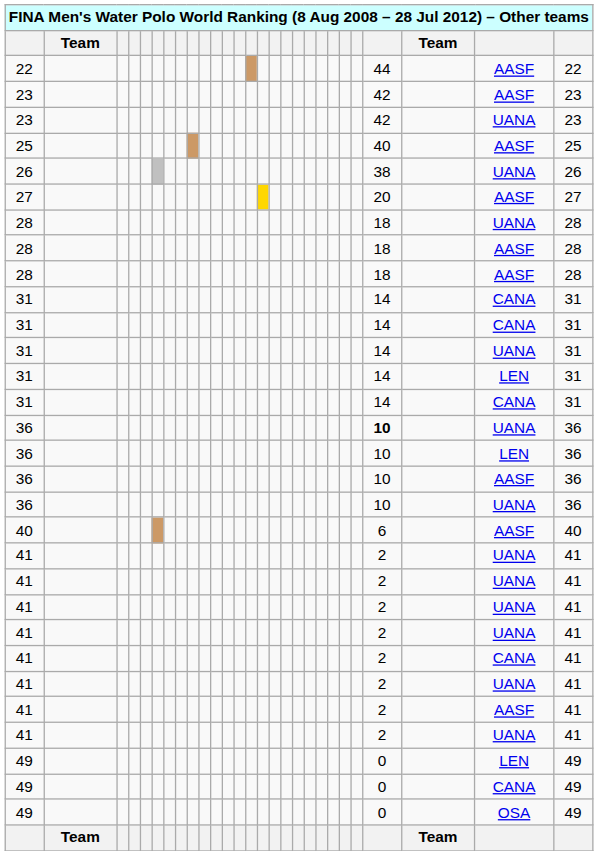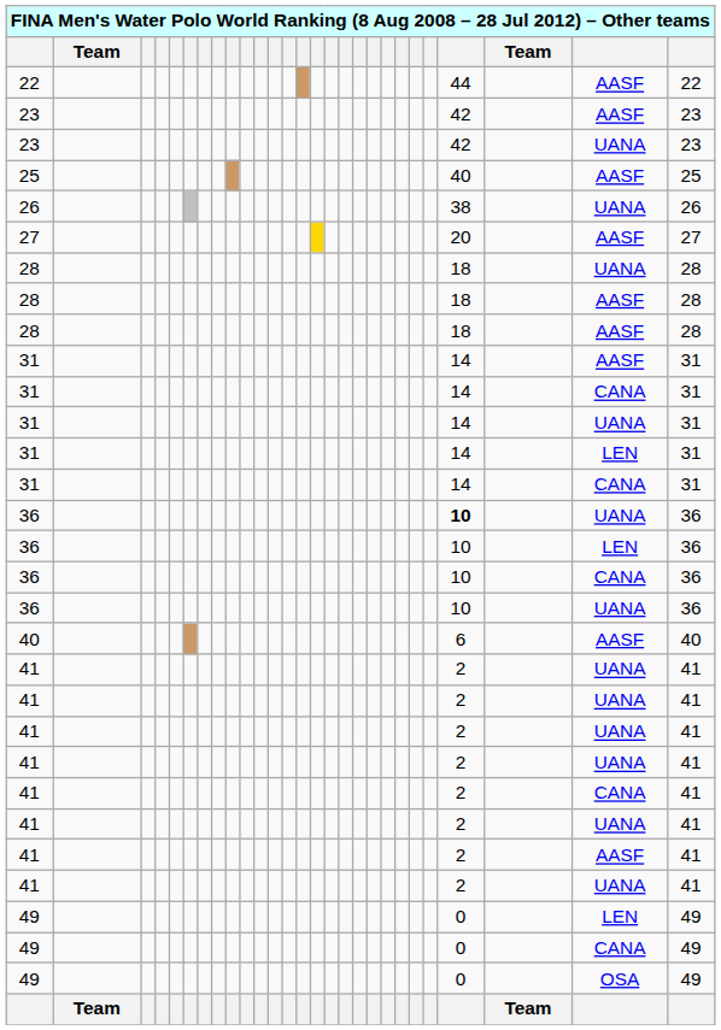 <table class="wikitable mw-collapsible autocollapse" style="text-align: center; font-size: 74%; margin-left: 1em;">
 <tr>
 <th colspan="27" style="background-color: #ccffff;">FINA Men's Water Polo World Ranking (8 Aug 2008 – 28 Jul 2012) – Other teams</th>
 </tr>
 <tr>
 <th></th>
 <th>Team</th>
 <th><a href='#'></a></th>
 <th><a href='#'></a></th>
 <th><a href='#'></a></th>
 <th><a href='#'></a></th>
 <th><a href='#'></a></th>
 <th><a href='#'></a></th>
 <th><a href='#'></a></th>
 <th><a href='#'></a></th>
 <th><a href='#'></a></th>
 <th><a href='#'></a></th>
 <th><a href='#'></a></th>
 <th><a href='#'></a></th>
 <th><a href='#'></a></th>
 <th><a href='#'></a></th>
 <th><a href='#'></a></th>
 <th><a href='#'></a></th>
 <th><a href='#'></a></th>
 <th><a href='#'></a></th>
 <th><a href='#'></a></th>
 <th><a href='#'></a></th>
 <th><a href='#'></a></th>
 <th></th>
 <th>Team</th>
 <th></th>
 <th></th>
 </tr>
 <tr>
 <td>22</td>
 <td style="text-align: left;"></td>
 <td></td>
 <td></td>
 <td></td>
 <td></td>
 <td></td>
 <td></td>
 <td></td>
 <td></td>
 <td></td>
 <td></td>
 <td></td>
 <td style="background-color: #cc9966;"></td>
 <td></td>
 <td></td>
 <td></td>
 <td></td>
 <td></td>
 <td></td>
 <td></td>
 <td></td>
 <td></td>
 <td>44</td>
 <td style="text-align: left;"></td>
 <td><a href='#'>AASF</a></td>
 <td>22</td>
 </tr>
 <tr>
 <td>23</td>
 <td style="text-align: left;"></td>
 <td></td>
 <td></td>
 <td></td>
 <td></td>
 <td></td>
 <td></td>
 <td></td>
 <td></td>
 <td></td>
 <td></td>
 <td></td>
 <td></td>
 <td></td>
 <td></td>
 <td></td>
 <td></td>
 <td></td>
 <td></td>
 <td></td>
 <td></td>
 <td></td>
 <td>42</td>
 <td style="text-align: left;"></td>
 <td><a href='#'>AASF</a></td>
 <td>23</td>
 </tr>
 <tr>
 <td>23</td>
 <td style="text-align: left;"></td>
 <td></td>
 <td></td>
 <td></td>
 <td></td>
 <td></td>
 <td></td>
 <td></td>
 <td></td>
 <td></td>
 <td></td>
 <td></td>
 <td></td>
 <td></td>
 <td></td>
 <td></td>
 <td></td>
 <td></td>
 <td></td>
 <td></td>
 <td></td>
 <td></td>
 <td>42</td>
 <td style="text-align: left;"></td>
 <td><a href='#'>UANA</a></td>
 <td>23</td>
 </tr>
 <tr>
 <td>25</td>
 <td style="text-align: left;"></td>
 <td></td>
 <td></td>
 <td></td>
 <td></td>
 <td></td>
 <td></td>
 <td style="background-color: #cc9966;"></td>
 <td></td>
 <td></td>
 <td></td>
 <td></td>
 <td></td>
 <td></td>
 <td></td>
 <td></td>
 <td></td>
 <td></td>
 <td></td>
 <td></td>
 <td></td>
 <td></td>
 <td>40</td>
 <td style="text-align: left;"></td>
 <td><a href='#'>AASF</a></td>
 <td>25</td>
 </tr>
 <tr>
 <td>26</td>
 <td style="text-align: left;"></td>
 <td></td>
 <td></td>
 <td></td>
 <td style="background-color: silver;"></td>
 <td></td>
 <td></td>
 <td></td>
 <td></td>
 <td></td>
 <td></td>
 <td></td>
 <td></td>
 <td></td>
 <td></td>
 <td></td>
 <td></td>
 <td></td>
 <td></td>
 <td></td>
 <td></td>
 <td></td>
 <td>38</td>
 <td style="text-align: left;"></td>
 <td><a href='#'>UANA</a></td>
 <td>26</td>
 </tr>
 <tr>
 <td>27</td>
 <td style="text-align: left;"></td>
 <td></td>
 <td></td>
 <td></td>
 <td></td>
 <td></td>
 <td></td>
 <td></td>
 <td></td>
 <td></td>
 <td></td>
 <td></td>
 <td></td>
 <td style="background-color: gold;"></td>
 <td></td>
 <td></td>
 <td></td>
 <td></td>
 <td></td>
 <td></td>
 <td></td>
 <td></td>
 <td>20</td>
 <td style="text-align: left;"></td>
 <td><a href='#'>AASF</a></td>
 <td>27</td>
 </tr>
 <tr>
 <td>28</td>
 <td style="text-align: left;"></td>
 <td></td>
 <td></td>
 <td></td>
 <td></td>
 <td></td>
 <td></td>
 <td></td>
 <td></td>
 <td></td>
 <td></td>
 <td></td>
 <td></td>
 <td></td>
 <td></td>
 <td></td>
 <td></td>
 <td></td>
 <td></td>
 <td></td>
 <td></td>
 <td></td>
 <td>18</td>
 <td style="text-align: left;"></td>
 <td><a href='#'>UANA</a></td>
 <td>28</td>
 </tr>
 <tr>
 <td>28</td>
 <td style="text-align: left;"></td>
 <td></td>
 <td></td>
 <td></td>
 <td></td>
 <td></td>
 <td></td>
 <td></td>
 <td></td>
 <td></td>
 <td></td>
 <td></td>
 <td></td>
 <td></td>
 <td></td>
 <td></td>
 <td></td>
 <td></td>
 <td></td>
 <td></td>
 <td></td>
 <td></td>
 <td>18</td>
 <td style="text-align: left;"></td>
 <td><a href='#'>AASF</a></td>
 <td>28</td>
 </tr>
 <tr>
 <td>28</td>
 <td style="text-align: left;"></td>
 <td></td>
 <td></td>
 <td></td>
 <td></td>
 <td></td>
 <td></td>
 <td></td>
 <td></td>
 <td></td>
 <td></td>
 <td></td>
 <td></td>
 <td></td>
 <td></td>
 <td></td>
 <td></td>
 <td></td>
 <td></td>
 <td></td>
 <td></td>
 <td></td>
 <td>18</td>
 <td style="text-align: left;"></td>
 <td><a href='#'>AASF</a></td>
 <td>28</td>
 </tr>
 <tr>
 <td>31</td>
 <td style="text-align: left;"></td>
 <td></td>
 <td></td>
 <td></td>
 <td></td>
 <td></td>
 <td></td>
 <td></td>
 <td></td>
 <td></td>
 <td></td>
 <td></td>
 <td></td>
 <td></td>
 <td></td>
 <td></td>
 <td></td>
 <td></td>
 <td></td>
 <td></td>
 <td></td>
 <td></td>
 <td>14</td>
 <td style="text-align: left;"></td>
-<td><a href='#'>CANA</a></td>
+<td><a href='#'>AASF</a></td>
 <td>31</td>
 </tr>
 <tr>
 <td>31</td>
 <td style="text-align: left;"></td>
 <td></td>
 <td></td>
 <td></td>
 <td></td>
 <td></td>
 <td></td>
 <td></td>
 <td></td>
 <td></td>
 <td></td>
 <td></td>
 <td></td>
 <td></td>
 <td></td>
 <td></td>
 <td></td>
 <td></td>
 <td></td>
 <td></td>
 <td></td>
 <td></td>
 <td>14</td>
 <td style="text-align: left;"></td>
 <td><a href='#'>CANA</a></td>
 <td>31</td>
 </tr>
 <tr>
 <td>31</td>
 <td style="text-align: left;"></td>
 <td></td>
 <td></td>
 <td></td>
 <td></td>
 <td></td>
 <td></td>
 <td></td>
 <td></td>
 <td></td>
 <td></td>
 <td></td>
 <td></td>
 <td></td>
 <td></td>
 <td></td>
 <td></td>
 <td></td>
 <td></td>
 <td></td>
 <td></td>
 <td></td>
 <td>14</td>
 <td style="text-align: left;"></td>
 <td><a href='#'>UANA</a></td>
 <td>31</td>
 </tr>
 <tr>
 <td>31</td>
 <td style="text-align: left;"></td>
 <td></td>
 <td></td>
 <td></td>
 <td></td>
 <td></td>
 <td></td>
 <td></td>
 <td></td>
 <td></td>
 <td></td>
 <td></td>
 <td></td>
 <td></td>
 <td></td>
 <td></td>
 <td></td>
 <td></td>
 <td></td>
 <td></td>
 <td></td>
 <td></td>
 <td>14</td>
 <td style="text-align: left;"></td>
 <td><a href='#'>LEN</a></td>
 <td>31</td>
 </tr>
 <tr>
 <td>31</td>
 <td style="text-align: left;"></td>
 <td></td>
 <td></td>
 <td></td>
 <td></td>
 <td></td>
 <td></td>
 <td></td>
 <td></td>
 <td></td>
 <td></td>
 <td></td>
 <td></td>
 <td></td>
 <td></td>
 <td></td>
 <td></td>
 <td></td>
 <td></td>
 <td></td>
 <td></td>
 <td></td>
 <td>14</td>
 <td style="text-align: left;"></td>
 <td><a href='#'>CANA</a></td>
 <td>31</td>
 </tr>
 <tr>
 <td>36</td>
 <td style="text-align: left;"></td>
 <td></td>
 <td></td>
 <td></td>
 <td></td>
 <td></td>
 <td></td>
 <td></td>
 <td></td>
 <td></td>
 <td></td>
 <td></td>
 <td></td>
 <td></td>
 <td></td>
 <td></td>
 <td></td>
 <td></td>
 <td></td>
 <td></td>
 <td></td>
 <td></td>
 <td><strong>10</strong></td>
 <td style="text-align: left;"></td>
 <td><a href='#'>UANA</a></td>
 <td>36</td>
 </tr>
 <tr>
 <td>36</td>
 <td style="text-align: left;"></td>
 <td></td>
 <td></td>
 <td></td>
 <td></td>
 <td></td>
 <td></td>
 <td></td>
 <td></td>
 <td></td>
 <td></td>
 <td></td>
 <td></td>
 <td></td>
 <td></td>
 <td></td>
 <td></td>
 <td></td>
 <td></td>
 <td></td>
 <td></td>
 <td></td>
 <td>10</td>
 <td style="text-align: left;"></td>
 <td><a href='#'>LEN</a></td>
 <td>36</td>
 </tr>
 <tr>
 <td>36</td>
 <td style="text-align: left;"></td>
 <td></td>
 <td></td>
 <td></td>
 <td></td>
 <td></td>
 <td></td>
 <td></td>
 <td></td>
 <td></td>
 <td></td>
 <td></td>
 <td></td>
 <td></td>
 <td></td>
 <td></td>
 <td></td>
 <td></td>
 <td></td>
 <td></td>
 <td></td>
 <td></td>
 <td>10</td>
 <td style="text-align: left;"></td>
-<td><a href='#'>AASF</a></td>
+<td><a href='#'>CANA</a></td>
 <td>36</td>
 </tr>
 <tr>
 <td>36</td>
 <td style="text-align: left;"></td>
 <td></td>
 <td></td>
 <td></td>
 <td></td>
 <td></td>
 <td></td>
 <td></td>
 <td></td>
 <td></td>
 <td></td>
 <td></td>
 <td></td>
 <td></td>
 <td></td>
 <td></td>
 <td></td>
 <td></td>
 <td></td>
 <td></td>
 <td></td>
 <td></td>
 <td>10</td>
 <td style="text-align: left;"></td>
 <td><a href='#'>UANA</a></td>
 <td>36</td>
 </tr>
 <tr>
 <td>40</td>
 <td style="text-align: left;"></td>
 <td></td>
 <td></td>
 <td></td>
 <td style="background-color: #cc9966;"></td>
 <td></td>
 <td></td>
 <td></td>
 <td></td>
 <td></td>
 <td></td>
 <td></td>
 <td></td>
 <td></td>
 <td></td>
 <td></td>
 <td></td>
 <td></td>
 <td></td>
 <td></td>
 <td></td>
 <td></td>
 <td>6</td>
 <td style="text-align: left;"></td>
 <td><a href='#'>AASF</a></td>
 <td>40</td>
 </tr>
 <tr>
 <td>41</td>
 <td style="text-align: left;"></td>
 <td></td>
 <td></td>
 <td></td>
 <td></td>
 <td></td>
 <td></td>
 <td></td>
 <td></td>
 <td></td>
 <td></td>
 <td></td>
 <td></td>
 <td></td>
 <td></td>
 <td></td>
 <td></td>
 <td></td>
 <td></td>
 <td></td>
 <td></td>
 <td></td>
 <td>2</td>
 <td style="text-align: left;"></td>
 <td><a href='#'>UANA</a></td>
 <td>41</td>
 </tr>
 <tr>
 <td>41</td>
 <td style="text-align: left;"></td>
 <td></td>
 <td></td>
 <td></td>
 <td></td>
 <td></td>
 <td></td>
 <td></td>
 <td></td>
 <td></td>
 <td></td>
 <td></td>
 <td></td>
 <td></td>
 <td></td>
 <td></td>
 <td></td>
 <td></td>
 <td></td>
 <td></td>
 <td></td>
 <td></td>
 <td>2</td>
 <td style="text-align: left;"></td>
 <td><a href='#'>UANA</a></td>
 <td>41</td>
 </tr>
 <tr>
 <td>41</td>
 <td style="text-align: left;"></td>
 <td></td>
 <td></td>
 <td></td>
 <td></td>
 <td></td>
 <td></td>
 <td></td>
 <td></td>
 <td></td>
 <td></td>
 <td></td>
 <td></td>
 <td></td>
 <td></td>
 <td></td>
 <td></td>
 <td></td>
 <td></td>
 <td></td>
 <td></td>
 <td></td>
 <td>2</td>
 <td style="text-align: left;"></td>
 <td><a href='#'>UANA</a></td>
 <td>41</td>
 </tr>
 <tr>
 <td>41</td>
 <td style="text-align: left;"></td>
 <td></td>
 <td></td>
 <td></td>
 <td></td>
 <td></td>
 <td></td>
 <td></td>
 <td></td>
 <td></td>
 <td></td>
 <td></td>
 <td></td>
 <td></td>
 <td></td>
 <td></td>
 <td></td>
 <td></td>
 <td></td>
 <td></td>
 <td></td>
 <td></td>
 <td>2</td>
 <td style="text-align: left;"></td>
 <td><a href='#'>UANA</a></td>
 <td>41</td>
 </tr>
 <tr>
 <td>41</td>
 <td style="text-align: left;"></td>
 <td></td>
 <td></td>
 <td></td>
 <td></td>
 <td></td>
 <td></td>
 <td></td>
 <td></td>
 <td></td>
 <td></td>
 <td></td>
 <td></td>
 <td></td>
 <td></td>
 <td></td>
 <td></td>
 <td></td>
 <td></td>
 <td></td>
 <td></td>
 <td></td>
 <td>2</td>
 <td style="text-align: left;"></td>
 <td><a href='#'>CANA</a></td>
 <td>41</td>
 </tr>
 <tr>
 <td>41</td>
 <td style="text-align: left;"></td>
 <td></td>
 <td></td>
 <td></td>
 <td></td>
 <td></td>
 <td></td>
 <td></td>
 <td></td>
 <td></td>
 <td></td>
 <td></td>
 <td></td>
 <td></td>
 <td></td>
 <td></td>
 <td></td>
 <td></td>
 <td></td>
 <td></td>
 <td></td>
 <td></td>
 <td>2</td>
 <td style="text-align: left;"></td>
 <td><a href='#'>UANA</a></td>
 <td>41</td>
 </tr>
 <tr>
 <td>41</td>
 <td style="text-align: left;"></td>
 <td></td>
 <td></td>
 <td></td>
 <td></td>
 <td></td>
 <td></td>
 <td></td>
 <td></td>
 <td></td>
 <td></td>
 <td></td>
 <td></td>
 <td></td>
 <td></td>
 <td></td>
 <td></td>
 <td></td>
 <td></td>
 <td></td>
 <td></td>
 <td></td>
 <td>2</td>
 <td style="text-align: left;"></td>
 <td><a href='#'>AASF</a></td>
 <td>41</td>
 </tr>
 <tr>
 <td>41</td>
 <td style="text-align: left;"></td>
 <td></td>
 <td></td>
 <td></td>
 <td></td>
 <td></td>
 <td></td>
 <td></td>
 <td></td>
 <td></td>
 <td></td>
 <td></td>
 <td></td>
 <td></td>
 <td></td>
 <td></td>
 <td></td>
 <td></td>
 <td></td>
 <td></td>
 <td></td>
 <td></td>
 <td>2</td>
 <td style="text-align: left;"></td>
 <td><a href='#'>UANA</a></td>
 <td>41</td>
 </tr>
 <tr>
 <td>49</td>
 <td style="text-align: left;"></td>
 <td></td>
 <td></td>
 <td></td>
 <td></td>
 <td></td>
 <td></td>
 <td></td>
 <td></td>
 <td></td>
 <td></td>
 <td></td>
 <td></td>
 <td></td>
 <td></td>
 <td></td>
 <td></td>
 <td></td>
 <td></td>
 <td></td>
 <td></td>
 <td></td>
 <td>0</td>
 <td style="text-align: left;"></td>
 <td><a href='#'>LEN</a></td>
 <td>49</td>
 </tr>
 <tr>
 <td>49</td>
 <td style="text-align: left;"></td>
 <td></td>
 <td></td>
 <td></td>
 <td></td>
 <td></td>
 <td></td>
 <td></td>
 <td></td>
 <td></td>
 <td></td>
 <td></td>
 <td></td>
 <td></td>
 <td></td>
 <td></td>
 <td></td>
 <td></td>
 <td></td>
 <td></td>
 <td></td>
 <td></td>
 <td>0</td>
 <td style="text-align: left;"></td>
 <td><a href='#'>CANA</a></td>
 <td>49</td>
 </tr>
 <tr>
 <td>49</td>
 <td style="text-align: left;"></td>
 <td></td>
 <td></td>
 <td></td>
 <td></td>
 <td></td>
 <td></td>
 <td></td>
 <td></td>
 <td></td>
 <td></td>
 <td></td>
 <td></td>
 <td></td>
 <td></td>
 <td></td>
 <td></td>
 <td></td>
 <td></td>
 <td></td>
 <td></td>
 <td></td>
 <td>0</td>
 <td style="text-align: left;"></td>
 <td><a href='#'>OSA</a></td>
 <td>49</td>
 </tr>
 <tr>
 <th></th>
 <th>Team</th>
 <th><a href='#'></a></th>
 <th><a href='#'></a></th>
 <th><a href='#'></a></th>
 <th><a href='#'></a></th>
 <th><a href='#'></a></th>
 <th><a href='#'></a></th>
 <th><a href='#'></a></th>
 <th><a href='#'></a></th>
 <th><a href='#'></a></th>
 <th><a href='#'></a></th>
 <th><a href='#'></a></th>
 <th><a href='#'></a></th>
 <th><a href='#'></a></th>
 <th><a href='#'></a></th>
 <th><a href='#'></a></th>
 <th><a href='#'></a></th>
 <th><a href='#'></a></th>
 <th><a href='#'></a></th>
 <th><a href='#'></a></th>
 <th><a href='#'></a></th>
 <th><a href='#'></a></th>
 <th></th>
 <th>Team</th>
 <th></th>
 <th></th>
 </tr>
 </table>
